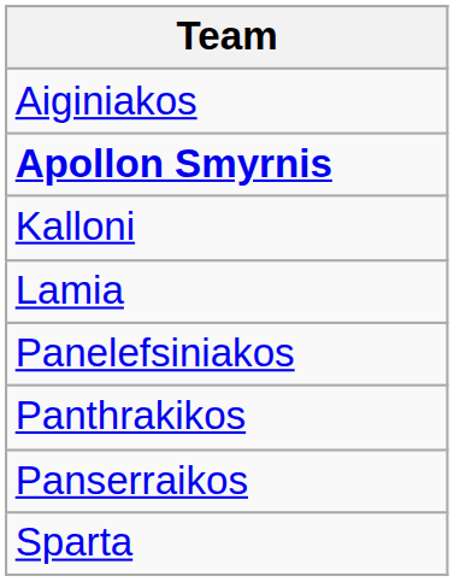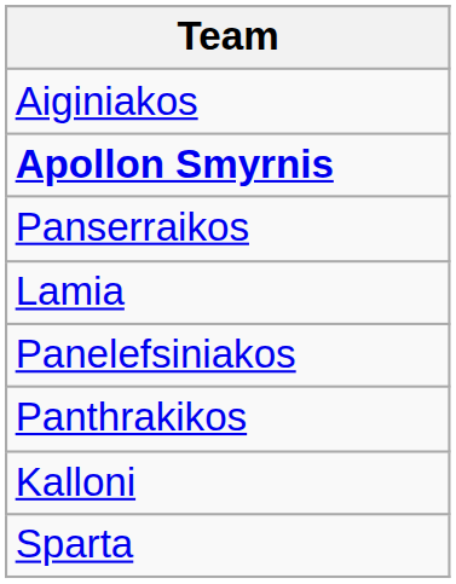 <table class="wikitable">
 <tr>
 </tr>
 <tr>
 <th width=170>Team</th>
 </tr>
 <tr>
 <td><a href='#'>Aiginiakos</a></td>
 </tr>
 <tr>
 <td><strong><a href='#'>Apollon Smyrnis</a></strong></td>
 </tr>
 <tr>
-<td><a href='#'>Kalloni</a></td>
+<td><a href='#'>Panserraikos</a></td>
 </tr>
 <tr>
 <td><a href='#'>Lamia</a></td>
 </tr>
 <tr>
 <td><a href='#'>Panelefsiniakos</a></td>
 </tr>
 <tr>
 <td><a href='#'>Panthrakikos</a></td>
 </tr>
 <tr>
-<td><a href='#'>Panserraikos</a></td>
+<td><a href='#'>Kalloni</a></td>
 </tr>
 <tr>
 <td><a href='#'>Sparta</a></td>
 </tr>
 </table>
